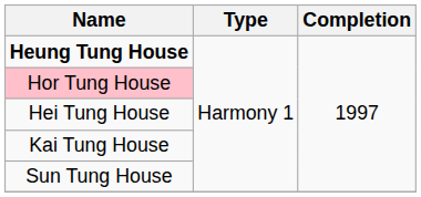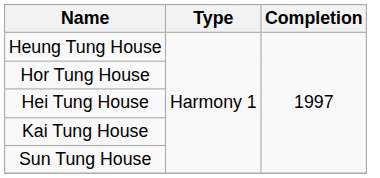 <table class="wikitable" style="text-align: center">
 <tr>
 <th>Name</th>
 <th>Type</th>
 <th>Completion</th>
 </tr>
 <tr>
-<td><strong>Heung Tung House</strong></td>
+<td>Heung Tung House</td>
 <td rowspan="5">Harmony 1</td>
 <td rowspan="5">1997</td>
 </tr>
 <tr>
-<td style="background: pink;">Hor Tung House</td>
+<td>Hor Tung House</td>
 </tr>
 <tr>
 <td>Hei Tung House</td>
 </tr>
 <tr>
 <td>Kai Tung House</td>
 </tr>
 <tr>
 <td>Sun Tung House</td>
 </tr>
 <tr>
 </tr>
 </table>
